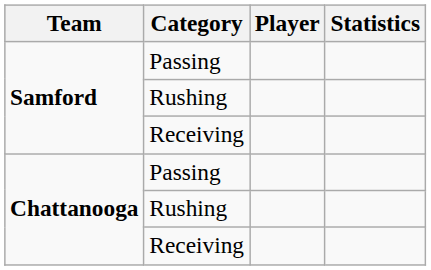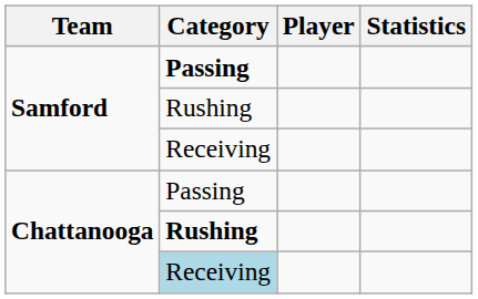 <table class="wikitable" style="float: right;">
 <tr>
 <th>Team</th>
 <th>Category</th>
 <th>Player</th>
 <th>Statistics</th>
 </tr>
 <tr>
 <td rowspan=3><strong>Samford</strong></td>
-<td>Passing</td>
+<td><strong>Passing</strong></td>
 <td></td>
 <td></td>
 </tr>
 <tr>
 <td>Rushing</td>
 <td></td>
 <td></td>
 </tr>
 <tr>
 <td>Receiving</td>
 <td></td>
 <td></td>
 </tr>
 <tr>
 <td rowspan=3><strong>Chattanooga</strong></td>
 <td>Passing</td>
 <td></td>
 <td></td>
 </tr>
 <tr>
-<td>Rushing</td>
+<td><strong>Rushing</strong></td>
 <td></td>
 <td></td>
 </tr>
 <tr>
-<td>Receiving</td>
+<td style="background: lightblue;">Receiving</td>
 <td></td>
 <td></td>
 </tr>
 </table>
